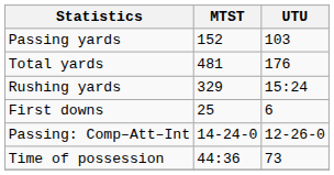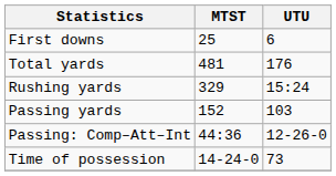 <table class="wikitable" style="float: left;">
 <tr>
 <th>Statistics</th>
 <th>MTST</th>
 <th>UTU</th>
 </tr>
 <tr>
-<td>Passing yards</td>
-<td>152</td>
-<td>103</td>
+<td>First downs</td>
+<td>25</td>
+<td>6</td>
 </tr>
 <tr>
 <td>Total yards</td>
 <td>481</td>
 <td>176</td>
 </tr>
 <tr>
 <td>Rushing yards</td>
 <td>329</td>
 <td>15:24</td>
 </tr>
 <tr>
-<td>First downs</td>
-<td>25</td>
-<td>6</td>
+<td>Passing yards</td>
+<td>152</td>
+<td>103</td>
 </tr>
 <tr>
 <td>Passing: Comp–Att–Int</td>
-<td>14-24-0</td>
+<td>44:36</td>
 <td>12-26-0</td>
 </tr>
 <tr>
 <td>Time of possession</td>
-<td>44:36</td>
+<td>14-24-0</td>
 <td>73</td>
 </tr>
 <tr>
 </tr>
 </table>
